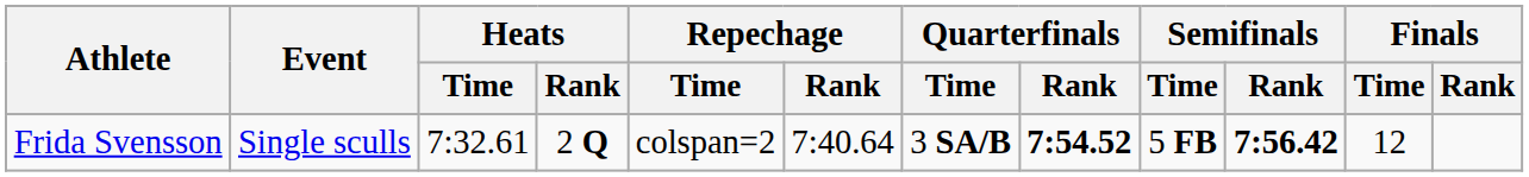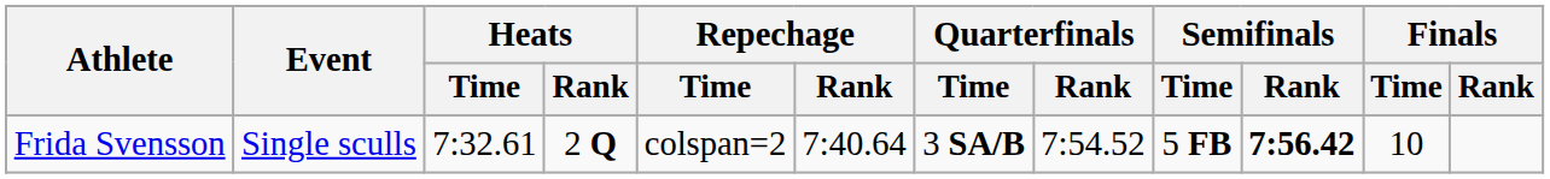 <table class="wikitable" style="font-size:90%">
 <tr>
 <th rowspan="2">Athlete</th>
 <th rowspan="2">Event</th>
 <th colspan="2">Heats</th>
 <th colspan="2">Repechage</th>
 <th colspan="2">Quarterfinals</th>
 <th colspan="2">Semifinals</th>
 <th colspan="2">Finals</th>
 </tr>
 <tr style="font-size:95%">
 <th>Time</th>
 <th>Rank</th>
 <th>Time</th>
 <th>Rank</th>
 <th>Time</th>
 <th>Rank</th>
 <th>Time</th>
 <th>Rank</th>
 <th>Time</th>
 <th>Rank</th>
 </tr>
 <tr align=center>
 <td align=left><a href='#'>Frida Svensson</a></td>
 <td align=left><a href='#'>Single sculls</a></td>
 <td>7:32.61</td>
 <td>2 <strong>Q</strong></td>
 <td>colspan=2 </td>
 <td>7:40.64</td>
 <td>3 <strong>SA/B</strong></td>
-<td><strong>7:54.52</strong></td>
+<td>7:54.52</td>
 <td>5 <strong>FB</strong></td>
 <td><strong>7:56.42</strong></td>
-<td>12</td>
+<td>10</td>
 </tr>
 </table>
